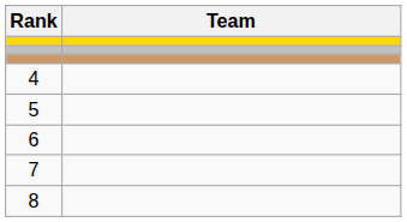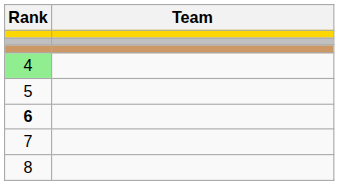 <table class="wikitable" style="border-collapse: collapse; font-size: 90%;">
 <tr>
 <th>Rank</th>
 <th align="left" style="width: 17em">Team</th>
 </tr>
 <tr bgcolor=gold>
 <td align="center"></td>
 <td></td>
 </tr>
 <tr bgcolor=silver>
 <td align="center"></td>
 <td></td>
 </tr>
 <tr bgcolor=cc9966>
 <td align="center"></td>
 <td></td>
 </tr>
 <tr>
-<td align="center">4</td>
+<td align="center" style="background: lightgreen;">4</td>
 <td></td>
 </tr>
 <tr>
 <td align="center">5</td>
 <td></td>
 </tr>
 <tr>
-<td align="center">6</td>
+<td align="center"><strong>6</strong></td>
 <td></td>
 </tr>
 <tr>
 <td align="center">7</td>
 <td></td>
 </tr>
 <tr>
 <td align="center">8</td>
 <td></td>
 </tr>
 </table>
